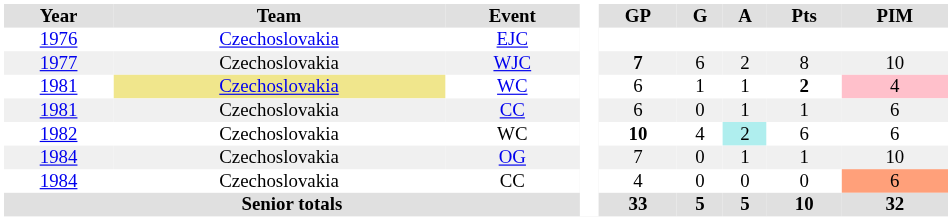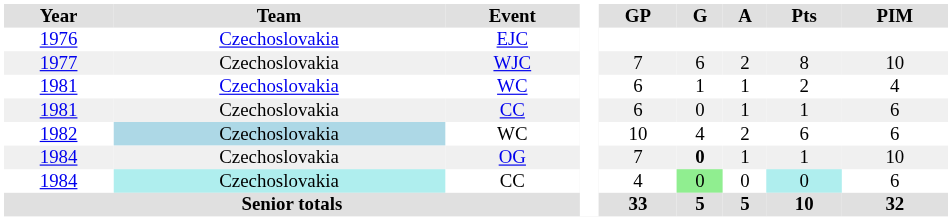 <table border="0" cellpadding="1" cellspacing="0" style="text-align:center; width:50em">
 <tr ALIGN="center" bgcolor="#e0e0e0">
 <th>Year</th>
 <th>Team</th>
 <th>Event</th>
 <th rowspan="99" bgcolor="#ffffff"> </th>
 <th>GP</th>
 <th>G</th>
 <th>A</th>
 <th>Pts</th>
 <th>PIM</th>
 </tr>
 <tr>
 <td><a href='#'>1976</a></td>
 <td><a href='#'>Czechoslovakia</a></td>
 <td><a href='#'>EJC</a></td>
 <td></td>
 <td></td>
 <td></td>
 <td></td>
 <td></td>
 </tr>
 <tr bgcolor="#f0f0f0">
 <td><a href='#'>1977</a></td>
 <td>Czechoslovakia</td>
 <td><a href='#'>WJC</a></td>
-<td><strong>7</strong></td>
+<td>7</td>
 <td>6</td>
 <td>2</td>
 <td>8</td>
 <td>10</td>
 </tr>
 <tr>
 <td><a href='#'>1981</a></td>
-<td style="background: khaki;"><a href='#'>Czechoslovakia</a></td>
+<td><a href='#'>Czechoslovakia</a></td>
 <td><a href='#'>WC</a></td>
 <td>6</td>
 <td>1</td>
 <td>1</td>
-<td><strong>2</strong></td>
-<td style="background: pink;">4</td>
+<td>2</td>
+<td>4</td>
 </tr>
 <tr bgcolor="#f0f0f0">
 <td><a href='#'>1981</a></td>
 <td>Czechoslovakia</td>
 <td><a href='#'>CC</a></td>
 <td>6</td>
 <td>0</td>
 <td>1</td>
 <td>1</td>
 <td>6</td>
 </tr>
 <tr>
 <td><a href='#'>1982</a></td>
-<td>Czechoslovakia</td>
+<td style="background: lightblue;">Czechoslovakia</td>
 <td>WC</td>
-<td><strong>10</strong></td>
+<td>10</td>
 <td>4</td>
-<td style="background: paleturquoise;">2</td>
+<td>2</td>
 <td>6</td>
 <td>6</td>
 </tr>
 <tr bgcolor="#f0f0f0">
 <td><a href='#'>1984</a></td>
 <td>Czechoslovakia</td>
 <td><a href='#'>OG</a></td>
 <td>7</td>
-<td>0</td>
+<td><strong>0</strong></td>
 <td>1</td>
 <td>1</td>
 <td>10</td>
 </tr>
 <tr>
 <td><a href='#'>1984</a></td>
-<td>Czechoslovakia</td>
+<td style="background: paleturquoise;">Czechoslovakia</td>
 <td>CC</td>
 <td>4</td>
+<td style="background: lightgreen;">0</td>
 <td>0</td>
-<td>0</td>
-<td>0</td>
-<td style="background: lightsalmon;">6</td>
+<td style="background: paleturquoise;">0</td>
+<td>6</td>
 </tr>
 <tr bgcolor="#e0e0e0">
 <th colspan=3>Senior totals</th>
 <th>33</th>
 <th>5</th>
 <th>5</th>
 <th>10</th>
 <th>32</th>
 </tr>
 </table>
